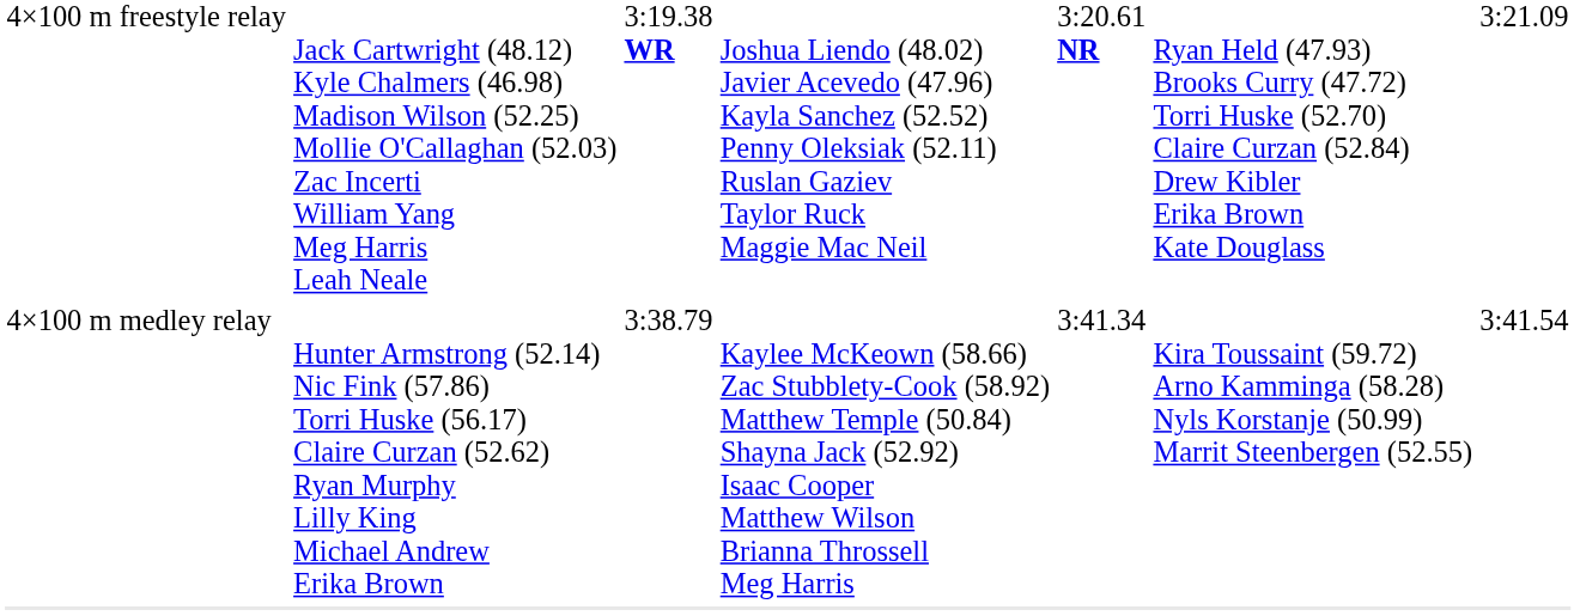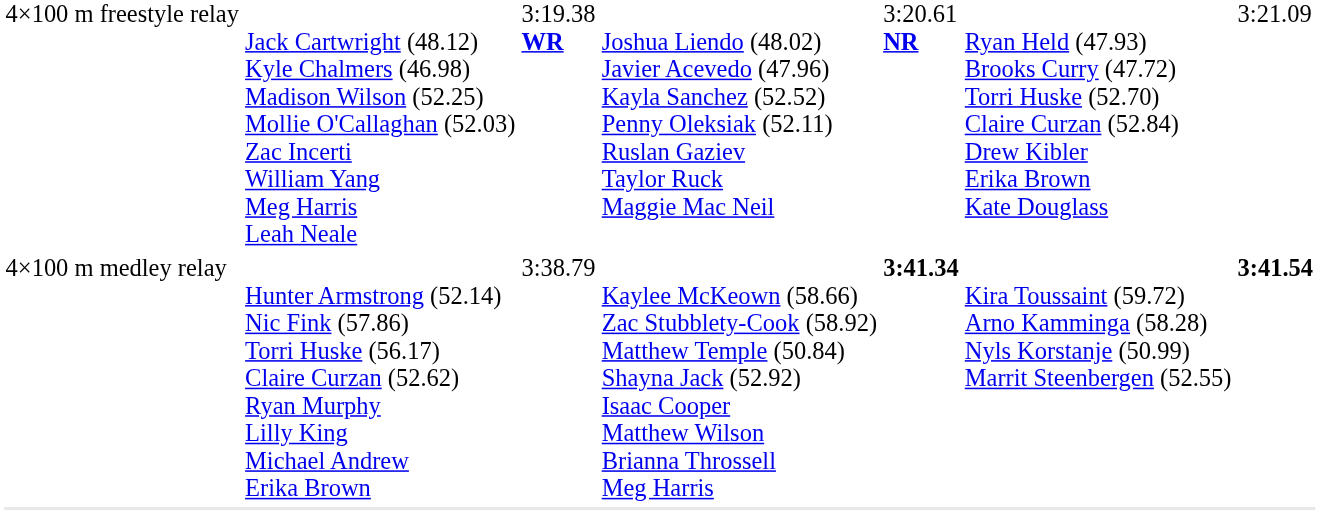 <table>
 <tr valign="top">
 <td>4×100 m freestyle relay<br></td>
 <td><br><a href='#'>Jack Cartwright</a> (48.12)<br><a href='#'>Kyle Chalmers</a> (46.98)<br><a href='#'>Madison Wilson</a> (52.25)<br><a href='#'>Mollie O'Callaghan</a> (52.03)<br><a href='#'>Zac Incerti</a><br><a href='#'>William Yang</a><br><a href='#'>Meg Harris</a><br><a href='#'>Leah Neale</a></td>
 <td>3:19.38<br><strong><a href='#'>WR</a></strong></td>
 <td><br><a href='#'>Joshua Liendo</a> (48.02)<br><a href='#'>Javier Acevedo</a> (47.96)<br><a href='#'>Kayla Sanchez</a> (52.52)<br><a href='#'>Penny Oleksiak</a> (52.11)<br><a href='#'>Ruslan Gaziev</a><br><a href='#'>Taylor Ruck</a><br><a href='#'>Maggie Mac Neil</a></td>
 <td>3:20.61<br><strong><a href='#'>NR</a></strong></td>
 <td><br><a href='#'>Ryan Held</a> (47.93)<br><a href='#'>Brooks Curry</a> (47.72)<br><a href='#'>Torri Huske</a> (52.70)<br><a href='#'>Claire Curzan</a> (52.84)<br><a href='#'>Drew Kibler</a><br><a href='#'>Erika Brown</a><br><a href='#'>Kate Douglass</a></td>
 <td>3:21.09</td>
 </tr>
 <tr valign="top">
 <td>4×100 m medley relay<br></td>
 <td><br><a href='#'>Hunter Armstrong</a> (52.14)<br><a href='#'>Nic Fink</a>  (57.86)<br><a href='#'>Torri Huske</a> (56.17)<br><a href='#'>Claire Curzan</a> (52.62)<br><a href='#'>Ryan Murphy</a><br><a href='#'>Lilly King</a><br><a href='#'>Michael Andrew</a><br><a href='#'>Erika Brown</a></td>
 <td>3:38.79</td>
 <td><br><a href='#'>Kaylee McKeown</a> (58.66)<br><a href='#'>Zac Stubblety-Cook</a> (58.92)<br><a href='#'>Matthew Temple</a> (50.84)<br><a href='#'>Shayna Jack</a> (52.92)<br><a href='#'>Isaac Cooper</a><br><a href='#'>Matthew Wilson</a><br><a href='#'>Brianna Throssell</a><br><a href='#'>Meg Harris</a></td>
-<td>3:41.34</td>
+<td><strong>3:41.34</strong></td>
 <td><br><a href='#'>Kira Toussaint</a> (59.72)<br><a href='#'>Arno Kamminga</a> (58.28)<br><a href='#'>Nyls Korstanje</a> (50.99)<br><a href='#'>Marrit Steenbergen</a> (52.55)</td>
-<td>3:41.54</td>
+<td><strong>3:41.54</strong></td>
 </tr>
 <tr bgcolor= e8e8e8>
 <td colspan=7></td>
 </tr>
 </table>
